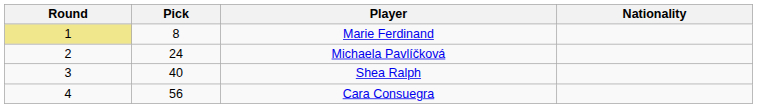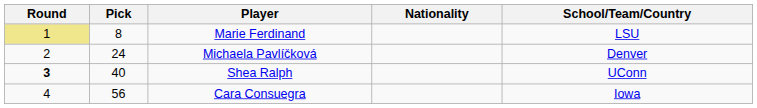 <table class="wikitable" style="text-align:center; width:60em">
 <tr>
 <th>Round</th>
 <th>Pick</th>
 <th>Player</th>
 <th>Nationality</th>
+<th>School/Team/Country</th>
 </tr>
 <tr>
 <td style="background: khaki;">1</td>
 <td>8</td>
 <td><a href='#'>Marie Ferdinand</a></td>
 <td></td>
+<td><a href='#'>LSU</a></td>
 </tr>
 <tr>
 <td>2</td>
 <td>24</td>
 <td><a href='#'>Michaela Pavlíčková</a></td>
 <td></td>
+<td><a href='#'>Denver</a></td>
 </tr>
 <tr>
-<td>3</td>
+<td><strong>3</strong></td>
 <td>40</td>
 <td><a href='#'>Shea Ralph</a></td>
 <td></td>
+<td><a href='#'>UConn</a></td>
 </tr>
 <tr>
 <td>4</td>
 <td>56</td>
 <td><a href='#'>Cara Consuegra</a></td>
 <td></td>
+<td><a href='#'>Iowa</a></td>
 </tr>
 </table>
